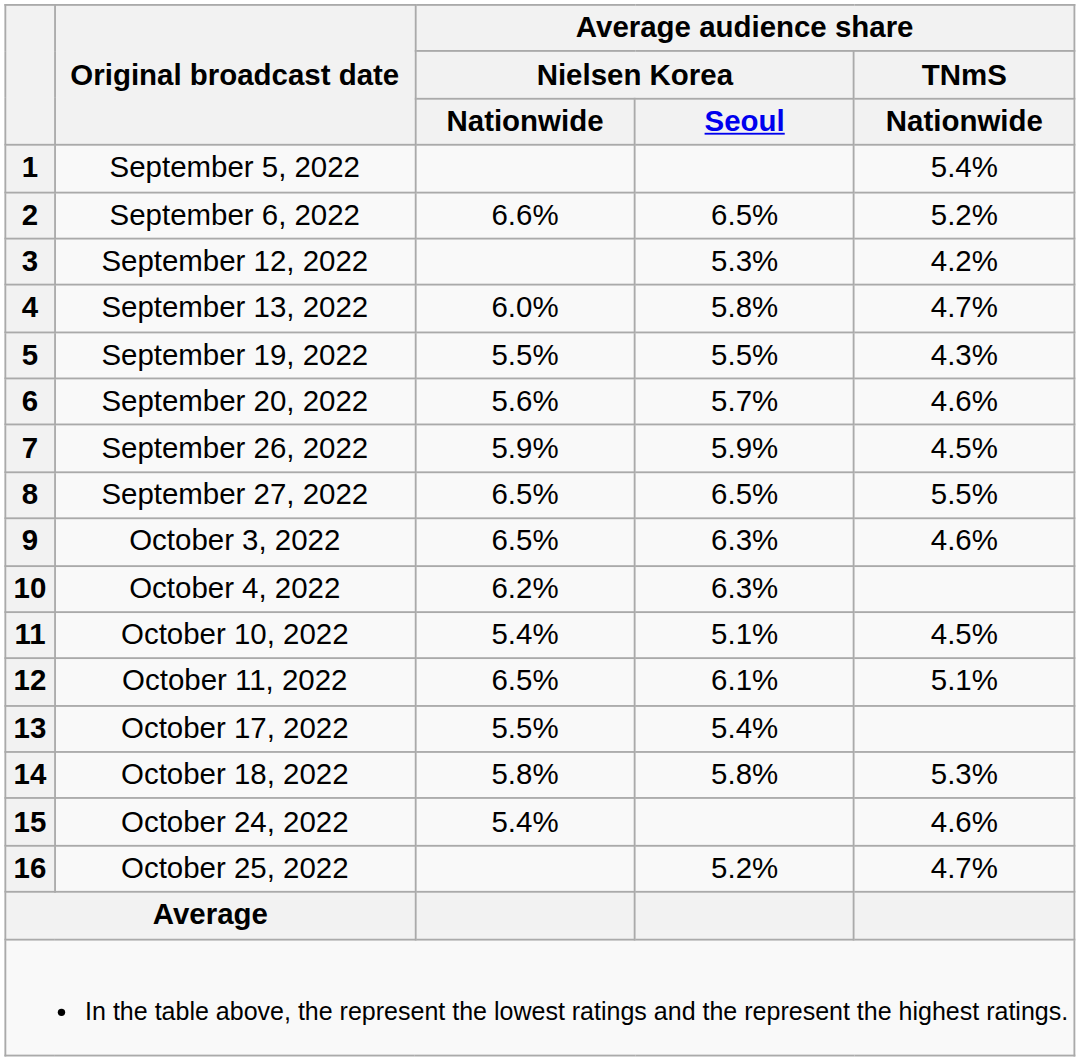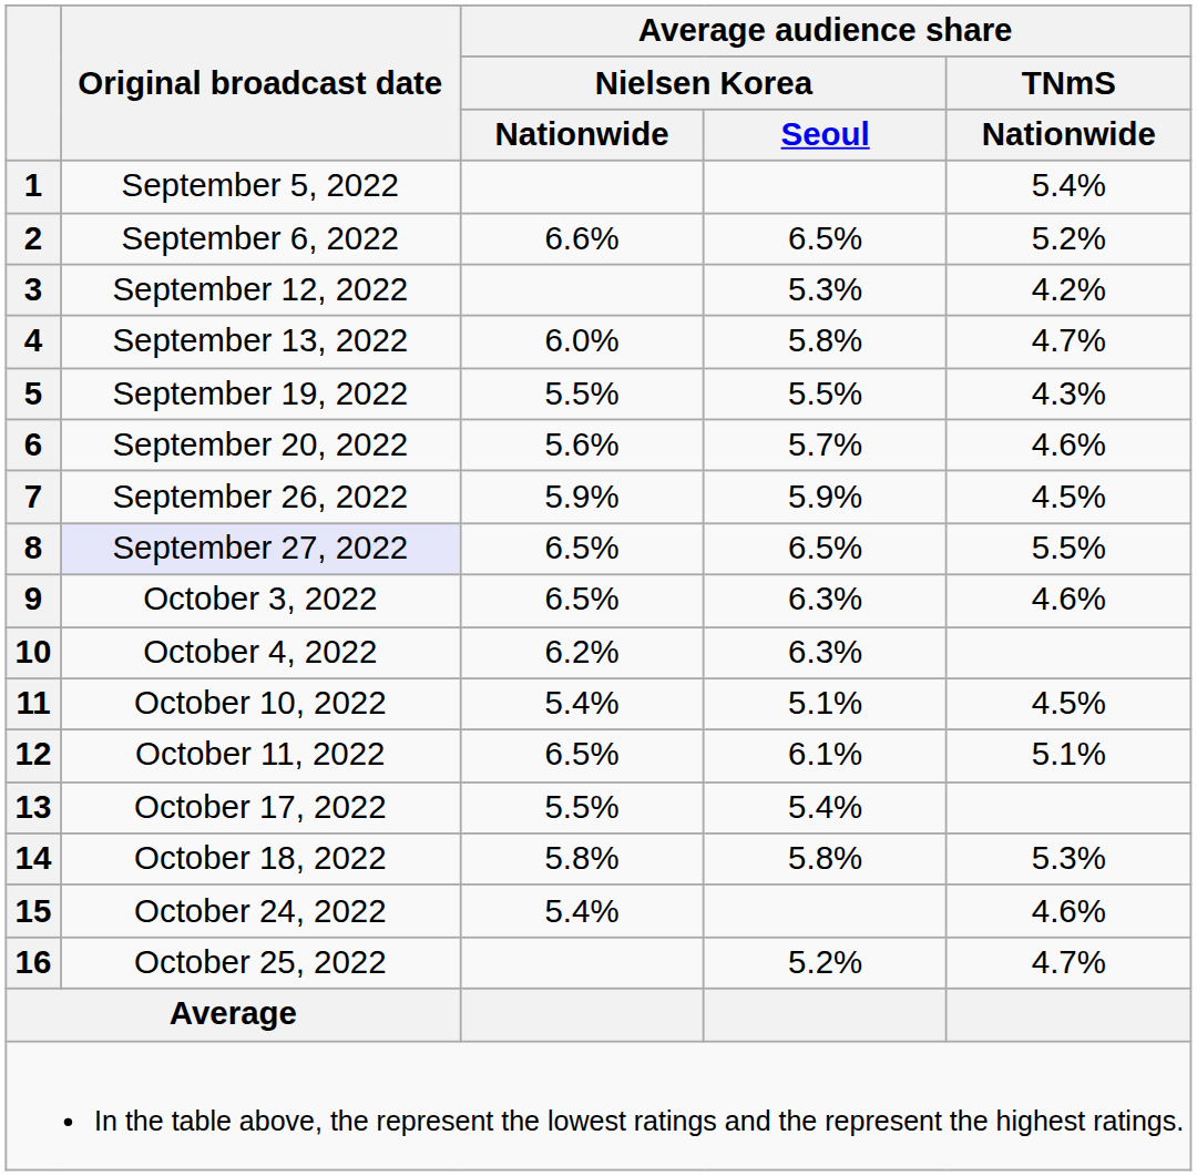 <table class="wikitable" style="text-align:center; max-width:600px; margin-left:auto; margin-right:auto">
 <tr>
 <th scope="col" rowspan="3"></th>
 <th scope="col" rowspan="3">Original broadcast date</th>
 <th scope="col" colspan="3">Average audience share</th>
 </tr>
 <tr>
 <th scope="col" colspan="2">Nielsen Korea</th>
 <th scope="col">TNmS</th>
 </tr>
 <tr>
 <th scope="col" style="width:7em">Nationwide</th>
 <th scope="col" style="width:7em"><a href='#'>Seoul</a></th>
 <th scope="col" style="width:7em">Nationwide</th>
 </tr>
 <tr>
 <th scope="col">1</th>
 <td>September 5, 2022</td>
 <td><strong></strong> </td>
 <td><strong></strong> </td>
 <td>5.4% </td>
 </tr>
 <tr>
 <th scope="col">2</th>
 <td>September 6, 2022</td>
 <td>6.6% </td>
 <td>6.5% </td>
 <td>5.2% </td>
 </tr>
 <tr>
 <th scope="col">3</th>
 <td>September 12, 2022</td>
 <td><strong></strong> </td>
 <td>5.3% </td>
 <td>4.2% </td>
 </tr>
 <tr>
 <th scope="col">4</th>
 <td>September 13, 2022</td>
 <td>6.0% </td>
 <td>5.8% </td>
 <td>4.7% </td>
 </tr>
 <tr>
 <th scope="col">5</th>
 <td>September 19, 2022</td>
 <td>5.5% </td>
 <td>5.5% </td>
 <td>4.3% </td>
 </tr>
 <tr>
 <th scope="col">6</th>
 <td>September 20, 2022</td>
 <td>5.6% </td>
 <td>5.7% </td>
 <td>4.6% </td>
 </tr>
 <tr>
 <th scope="col">7</th>
 <td>September 26, 2022</td>
 <td>5.9% </td>
 <td>5.9% </td>
 <td>4.5% </td>
 </tr>
 <tr>
 <th scope="col">8</th>
-<td>September 27, 2022</td>
+<td style="background: lavender;">September 27, 2022</td>
 <td>6.5% </td>
 <td>6.5% </td>
 <td>5.5% </td>
 </tr>
 <tr>
 <th scope="col">9</th>
 <td>October 3, 2022</td>
 <td>6.5% </td>
 <td>6.3% </td>
 <td>4.6% </td>
 </tr>
 <tr>
 <th scope="col">10</th>
 <td>October 4, 2022</td>
 <td>6.2% </td>
 <td>6.3% </td>
 <td><strong></strong> </td>
 </tr>
 <tr>
 <th scope="col">11</th>
 <td>October 10, 2022</td>
 <td>5.4% </td>
 <td>5.1% </td>
 <td>4.5% </td>
 </tr>
 <tr>
 <th scope="col">12</th>
 <td>October 11, 2022</td>
 <td>6.5% </td>
 <td>6.1% </td>
 <td>5.1% </td>
 </tr>
 <tr>
 <th scope="col">13</th>
 <td>October 17, 2022</td>
 <td>5.5% </td>
 <td>5.4% </td>
 <td><strong></strong> </td>
 </tr>
 <tr>
 <th scope="col">14</th>
 <td>October 18, 2022</td>
 <td>5.8% </td>
 <td>5.8% </td>
 <td>5.3% </td>
 </tr>
 <tr>
 <th scope="col">15</th>
 <td>October 24, 2022</td>
 <td>5.4% </td>
 <td><strong></strong> </td>
 <td>4.6% </td>
 </tr>
 <tr>
 <th scope="col">16</th>
 <td>October 25, 2022</td>
 <td><strong></strong> </td>
 <td>5.2% </td>
 <td>4.7% </td>
 </tr>
 <tr>
 <th scope="col" colspan="2">Average</th>
 <th scope="col"></th>
 <th scope="col"></th>
 <th scope="col"></th>
 </tr>
 <tr>
 <td colspan="6" style="font-size:85%"><br><ul><li>In the table above, the <strong></strong> represent the lowest ratings and the <strong></strong> represent the highest ratings.</li></ul></td>
 </tr>
 </table>
